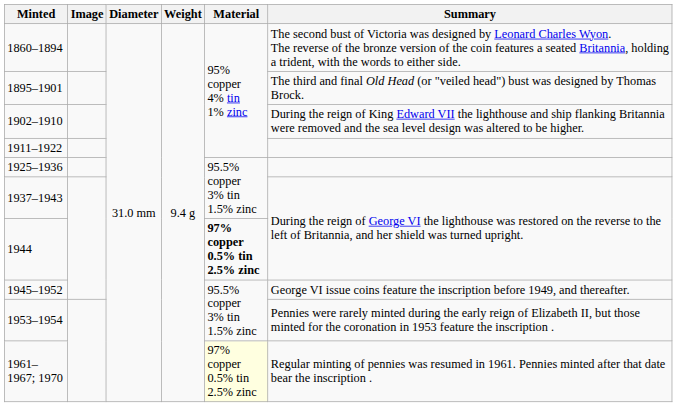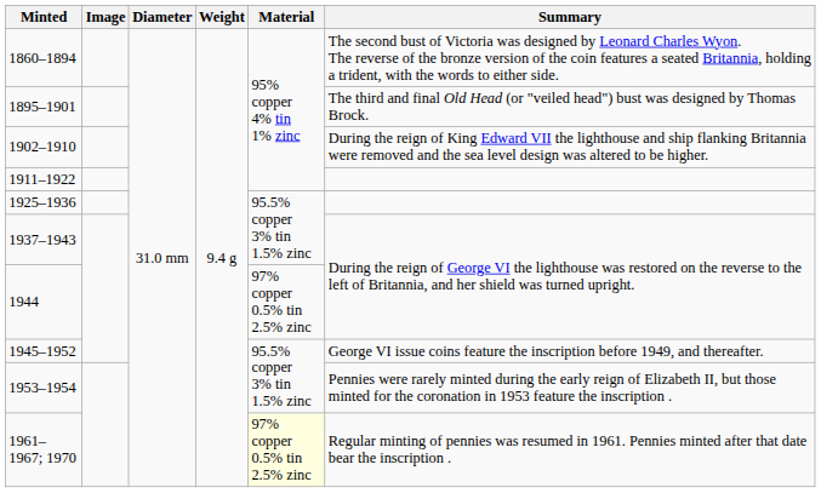 <table class="wikitable">
 <tr>
 <th width=75>Minted</th>
 <th>Image</th>
 <th>Diameter</th>
 <th>Weight</th>
 <th>Material</th>
 <th>Summary</th>
 </tr>
 <tr>
 <td>1860–1894</td>
 <td></td>
 <td rowspan="10" align="center">31.0 mm</td>
 <td rowspan="10" align="center">9.4 g</td>
 <td rowspan="4">95% copper<br>4% <a href='#'>tin</a><br>1% <a href='#'>zinc</a></td>
 <td>The second bust of Victoria was designed by <a href='#'>Leonard Charles Wyon</a>.<br>The reverse of the bronze version of the coin features a seated <a href='#'>Britannia</a>, holding a trident, with the words  to either side.</td>
 </tr>
 <tr>
 <td>1895–1901</td>
 <td></td>
 <td>The third and final <em>Old Head</em> (or "veiled head") bust was designed by Thomas Brock.</td>
 </tr>
 <tr>
 <td>1902–1910</td>
 <td></td>
 <td>During the reign of King <a href='#'>Edward VII</a> the lighthouse and ship flanking Britannia were removed and the sea level design was altered to be higher.</td>
 </tr>
 <tr>
 <td>1911–1922</td>
 <td></td>
 <td></td>
 </tr>
 <tr>
 <td>1925–1936</td>
 <td></td>
 <td rowspan="2">95.5% copper<br>3% tin<br>1.5% zinc</td>
 <td></td>
 </tr>
 <tr>
 <td>1937–1943</td>
 <td rowspan=3></td>
 <td rowspan=2>During the reign of <a href='#'>George VI</a> the lighthouse was restored on the reverse to the left of Britannia, and her shield was turned upright.</td>
 </tr>
 <tr>
 <td>1944</td>
-<td><strong>97% copper<br>0.5% tin<br>2.5% zinc</strong></td>
+<td>97% copper<br>0.5% tin<br>2.5% zinc</td>
 </tr>
 <tr>
 <td>1945–1952</td>
 <td rowspan="2">95.5% copper<br>3% tin<br>1.5% zinc</td>
 <td>George VI issue coins feature the inscription  before 1949, and  thereafter.</td>
 </tr>
 <tr>
 <td>1953–1954</td>
 <td rowspan=2></td>
 <td>Pennies were rarely minted during the early reign of Elizabeth II, but those minted for the coronation in 1953 feature the inscription .</td>
 </tr>
 <tr>
 <td>1961–1967; 1970</td>
 <td style="background: lightyellow;">97% copper<br>0.5% tin<br>2.5% zinc</td>
 <td>Regular minting of pennies was resumed in 1961. Pennies minted after that date bear the inscription .</td>
 </tr>
 </table>
